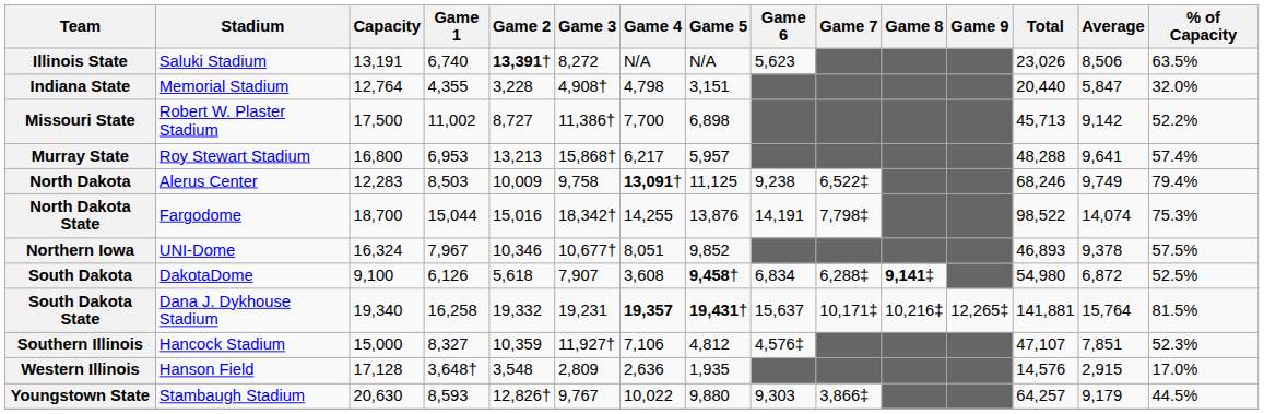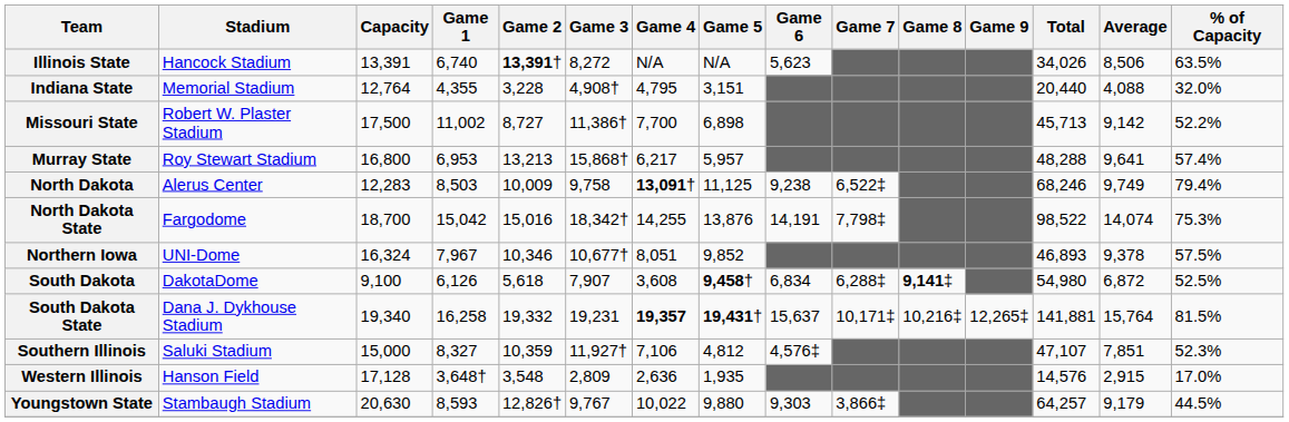 <table class="wikitable sortable">
 <tr>
 <th>Team</th>
 <th>Stadium</th>
 <th>Capacity</th>
 <th>Game 1</th>
 <th>Game 2</th>
 <th>Game 3</th>
 <th>Game 4</th>
 <th>Game 5</th>
 <th>Game 6</th>
 <th>Game 7</th>
 <th>Game 8</th>
 <th>Game 9</th>
 <th>Total</th>
 <th>Average</th>
 <th>% of Capacity</th>
 </tr>
 <tr>
 <th>Illinois State</th>
-<td><a href='#'>Saluki Stadium</a></td>
-<td>13,191</td>
+<td><a href='#'>Hancock Stadium</a></td>
+<td>13,391</td>
 <td>6,740</td>
 <td><strong>13,391</strong>†</td>
 <td>8,272</td>
 <td>N/A</td>
 <td>N/A</td>
 <td>5,623</td>
 <td style="background:#666666;"></td>
 <td style="background:#666666;"></td>
 <td style="background:#666666;"></td>
-<td>23,026</td>
+<td>34,026</td>
 <td>8,506</td>
 <td>63.5%</td>
 </tr>
 <tr>
 <th>Indiana State</th>
 <td><a href='#'>Memorial Stadium</a></td>
 <td>12,764</td>
 <td>4,355</td>
 <td>3,228</td>
 <td>4,908†</td>
-<td>4,798</td>
+<td>4,795</td>
 <td>3,151</td>
 <td style="background:#666666;"></td>
 <td style="background:#666666;"></td>
 <td style="background:#666666;"></td>
 <td style="background:#666666;"></td>
 <td>20,440</td>
-<td>5,847</td>
+<td>4,088</td>
 <td>32.0%</td>
 </tr>
 <tr>
 <th>Missouri State</th>
 <td><a href='#'>Robert W. Plaster Stadium</a></td>
 <td>17,500</td>
 <td>11,002</td>
 <td>8,727</td>
 <td>11,386†</td>
 <td>7,700</td>
 <td>6,898</td>
 <td style="background:#666666;"></td>
 <td style="background:#666666;"></td>
 <td style="background:#666666;"></td>
 <td style="background:#666666;"></td>
 <td>45,713</td>
 <td>9,142</td>
 <td>52.2%</td>
 </tr>
 <tr>
 <th>Murray State</th>
 <td><a href='#'>Roy Stewart Stadium</a></td>
 <td>16,800</td>
 <td>6,953</td>
 <td>13,213</td>
 <td>15,868†</td>
 <td>6,217</td>
 <td>5,957</td>
 <td style="background:#666666;"></td>
 <td style="background:#666666;"></td>
 <td style="background:#666666;"></td>
 <td style="background:#666666;"></td>
 <td>48,288</td>
 <td>9,641</td>
 <td>57.4%</td>
 </tr>
 <tr>
 <th>North Dakota</th>
 <td><a href='#'>Alerus Center</a></td>
 <td>12,283</td>
 <td>8,503</td>
 <td>10,009</td>
 <td>9,758</td>
 <td><strong>13,091</strong>†</td>
 <td>11,125</td>
 <td>9,238</td>
 <td>6,522‡</td>
 <td style="background:#666666;"></td>
 <td style="background:#666666;"></td>
 <td>68,246</td>
 <td>9,749</td>
 <td>79.4%</td>
 </tr>
 <tr>
 <th>North Dakota State</th>
 <td><a href='#'>Fargodome</a></td>
 <td>18,700</td>
-<td>15,044</td>
+<td>15,042</td>
 <td>15,016</td>
 <td>18,342†</td>
 <td>14,255</td>
 <td>13,876</td>
 <td>14,191</td>
 <td>7,798‡</td>
 <td style="background:#666666;"></td>
 <td style="background:#666666;"></td>
 <td>98,522</td>
 <td>14,074</td>
 <td>75.3%</td>
 </tr>
 <tr>
 <th>Northern Iowa</th>
 <td><a href='#'>UNI-Dome</a></td>
 <td>16,324</td>
 <td>7,967</td>
 <td>10,346</td>
 <td>10,677†</td>
 <td>8,051</td>
 <td>9,852</td>
 <td style="background:#666666;"></td>
 <td style="background:#666666;"></td>
 <td style="background:#666666;"></td>
 <td style="background:#666666;"></td>
 <td>46,893</td>
 <td>9,378</td>
 <td>57.5%</td>
 </tr>
 <tr>
 <th>South Dakota</th>
 <td><a href='#'>DakotaDome</a></td>
 <td>9,100</td>
 <td>6,126</td>
 <td>5,618</td>
 <td>7,907</td>
 <td>3,608</td>
 <td><strong>9,458</strong>†</td>
 <td>6,834</td>
 <td>6,288‡</td>
 <td><strong>9,141</strong>‡</td>
 <td style="background:#666666;"></td>
 <td>54,980</td>
 <td>6,872</td>
 <td>52.5%</td>
 </tr>
 <tr>
 <th>South Dakota State</th>
 <td><a href='#'>Dana J. Dykhouse Stadium</a></td>
 <td>19,340</td>
 <td>16,258</td>
 <td>19,332</td>
 <td>19,231</td>
 <td><strong>19,357</strong></td>
 <td><strong>19,431</strong>†</td>
 <td>15,637</td>
 <td>10,171‡</td>
 <td>10,216‡</td>
 <td>12,265‡</td>
 <td>141,881</td>
 <td>15,764</td>
 <td>81.5%</td>
 </tr>
 <tr>
 <th>Southern Illinois</th>
-<td><a href='#'>Hancock Stadium</a></td>
+<td><a href='#'>Saluki Stadium</a></td>
 <td>15,000</td>
 <td>8,327</td>
 <td>10,359</td>
 <td>11,927†</td>
 <td>7,106</td>
 <td>4,812</td>
 <td>4,576‡</td>
 <td style="background:#666666;"></td>
 <td style="background:#666666;"></td>
 <td style="background:#666666;"></td>
 <td>47,107</td>
 <td>7,851</td>
 <td>52.3%</td>
 </tr>
 <tr>
 <th>Western Illinois</th>
 <td><a href='#'>Hanson Field</a></td>
 <td>17,128</td>
 <td>3,648†</td>
 <td>3,548</td>
 <td>2,809</td>
 <td>2,636</td>
 <td>1,935</td>
 <td style="background:#666666;"></td>
 <td style="background:#666666;"></td>
 <td style="background:#666666;"></td>
 <td style="background:#666666;"></td>
 <td>14,576</td>
 <td>2,915</td>
 <td>17.0%</td>
 </tr>
 <tr>
 <th>Youngstown State</th>
 <td><a href='#'>Stambaugh Stadium</a></td>
 <td>20,630</td>
 <td>8,593</td>
 <td>12,826†</td>
 <td>9,767</td>
 <td>10,022</td>
 <td>9,880</td>
 <td>9,303</td>
 <td>3,866‡</td>
 <td style="background:#666666;"></td>
 <td style="background:#666666;"></td>
 <td>64,257</td>
 <td>9,179</td>
 <td>44.5%</td>
 </tr>
 <tr>
 </tr>
 </table>
